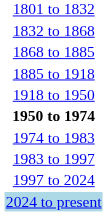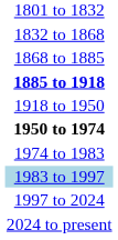 <table id=toc style="float:right; margin-left:1em">
 <tr>
 <td style="text-align:center"><a href='#'>1801 to 1832</a></td>
 </tr>
 <tr>
 <td style="text-align:center"><a href='#'>1832 to 1868</a></td>
 </tr>
 <tr>
 <td style="text-align:center"><a href='#'>1868 to 1885</a></td>
 </tr>
 <tr>
-<td style="text-align:center"><a href='#'>1885 to 1918</a></td>
+<td style="text-align:center"><strong><a href='#'>1885 to 1918</a></strong></td>
 </tr>
 <tr>
 <td style="text-align:center"><a href='#'>1918 to 1950</a></td>
 </tr>
 <tr>
 <td style="text-align:center"><strong>1950 to 1974</strong></td>
 </tr>
 <tr>
 <td style="text-align:center"><a href='#'>1974 to 1983</a></td>
 </tr>
 <tr>
-<td style="text-align:center"><a href='#'>1983 to 1997</a></td>
+<td style="background: lightblue; text-align:center"><a href='#'>1983 to 1997</a></td>
 </tr>
 <tr>
 <td style="text-align:center;"><a href='#'>1997 to 2024</a></td>
 </tr>
 <tr>
-<td style="background: lightblue; text-align:center"><a href='#'>2024 to present</a></td>
+<td style="text-align:center"><a href='#'>2024 to present</a></td>
 </tr>
 </table>
